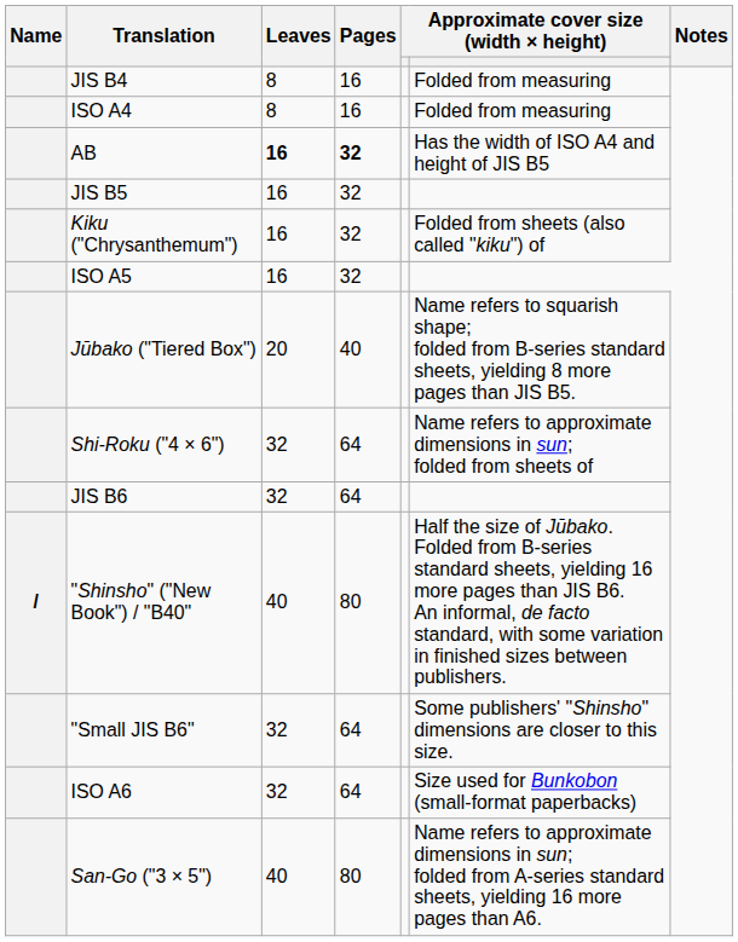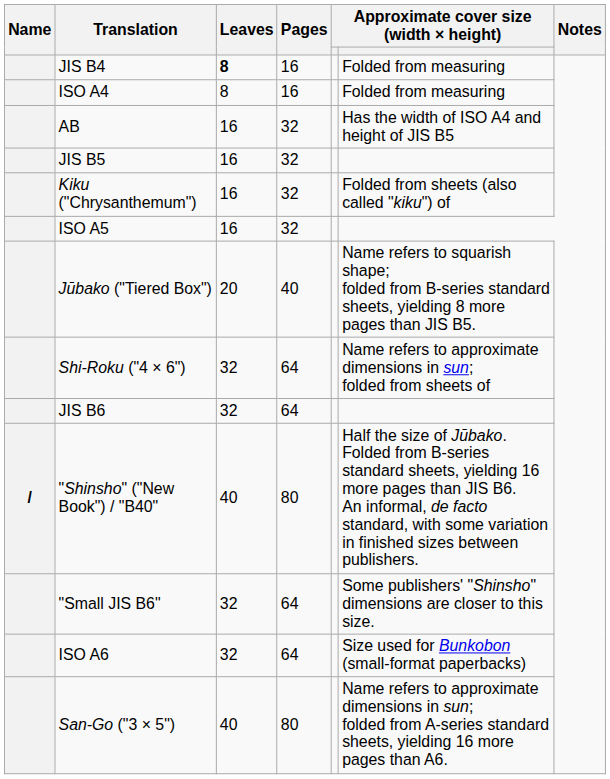 <table class="wikitable">
 <tr>
 <th rowspan="2">Name</th>
 <th rowspan="2">Translation</th>
 <th rowspan="2">Leaves</th>
 <th rowspan="2">Pages</th>
 <th colspan="2">Approximate cover size (width × height)</th>
 <th rowspan="2">Notes</th>
 </tr>
 <tr>
 <th></th>
 <th></th>
 </tr>
 <tr>
 <th></th>
 <td>JIS B4</td>
-<td>8</td>
+<td><strong>8</strong></td>
 <td>16</td>
 <td></td>
 <td>Folded from  measuring </td>
 </tr>
 <tr>
 <th></th>
 <td>ISO A4</td>
 <td>8</td>
 <td>16</td>
 <td></td>
 <td>Folded from  measuring </td>
 </tr>
 <tr>
 <th></th>
 <td>AB</td>
-<td><strong>16</strong></td>
-<td><strong>32</strong></td>
+<td>16</td>
+<td>32</td>
 <td></td>
 <td>Has the width of ISO A4 and height of JIS B5</td>
 </tr>
 <tr>
 <th></th>
 <td>JIS B5</td>
 <td>16</td>
 <td>32</td>
 <td></td>
 <td></td>
 </tr>
 <tr>
 <th></th>
 <td><em>Kiku</em> ("Chrysanthemum")</td>
 <td>16</td>
 <td>32</td>
 <td></td>
 <td>Folded from sheets (also called "<em>kiku</em>") of </td>
 </tr>
 <tr>
 <th></th>
 <td>ISO A5</td>
 <td>16</td>
 <td>32</td>
 <td></td>
 </tr>
 <tr>
 <th></th>
 <td><em>Jūbako</em> ("Tiered Box")</td>
 <td>20</td>
 <td>40</td>
 <td></td>
 <td>Name refers to squarish shape; <br>folded from B-series standard sheets, yielding 8 more pages than JIS B5.</td>
 </tr>
 <tr>
 <th></th>
 <td><em>Shi-Roku</em> ("4 × 6")</td>
 <td>32</td>
 <td>64</td>
 <td></td>
 <td>Name refers to approximate dimensions in <em><a href='#'>sun</a></em>; <br>folded from sheets of </td>
 </tr>
 <tr>
 <th></th>
 <td>JIS B6</td>
 <td>32</td>
 <td>64</td>
 <td></td>
 <td></td>
 </tr>
 <tr>
 <th> / </th>
 <td>"<em>Shinsho</em>" ("New Book") / "B40"</td>
 <td>40</td>
 <td>80</td>
 <td></td>
 <td>Half the size of <em>Jūbako</em>. Folded from B-series standard sheets, yielding 16 more pages than JIS B6. <br>An informal, <em>de facto</em> standard, with some variation in finished sizes between publishers.</td>
 </tr>
 <tr>
 <th></th>
 <td>"Small JIS B6"</td>
 <td>32</td>
 <td>64</td>
 <td></td>
 <td>Some publishers' "<em>Shinsho</em>" dimensions are closer to this size.</td>
 </tr>
 <tr>
 <th></th>
 <td>ISO A6</td>
 <td>32</td>
 <td>64</td>
 <td></td>
 <td>Size used for <em><a href='#'>Bunkobon</a></em> (small-format paperbacks)</td>
 </tr>
 <tr>
 <th></th>
 <td><em>San-Go</em> ("3 × 5")</td>
 <td>40</td>
 <td>80</td>
 <td></td>
 <td>Name refers to approximate dimensions in <em>sun</em>; <br>folded from A-series standard sheets, yielding 16 more pages than A6.</td>
 </tr>
 </table>
